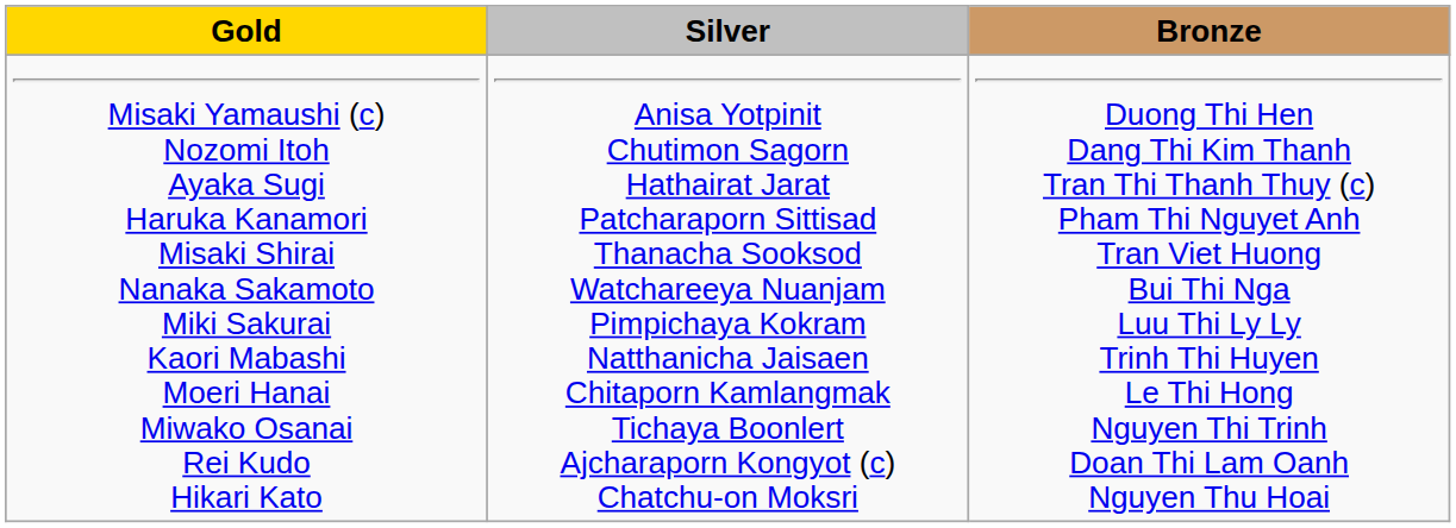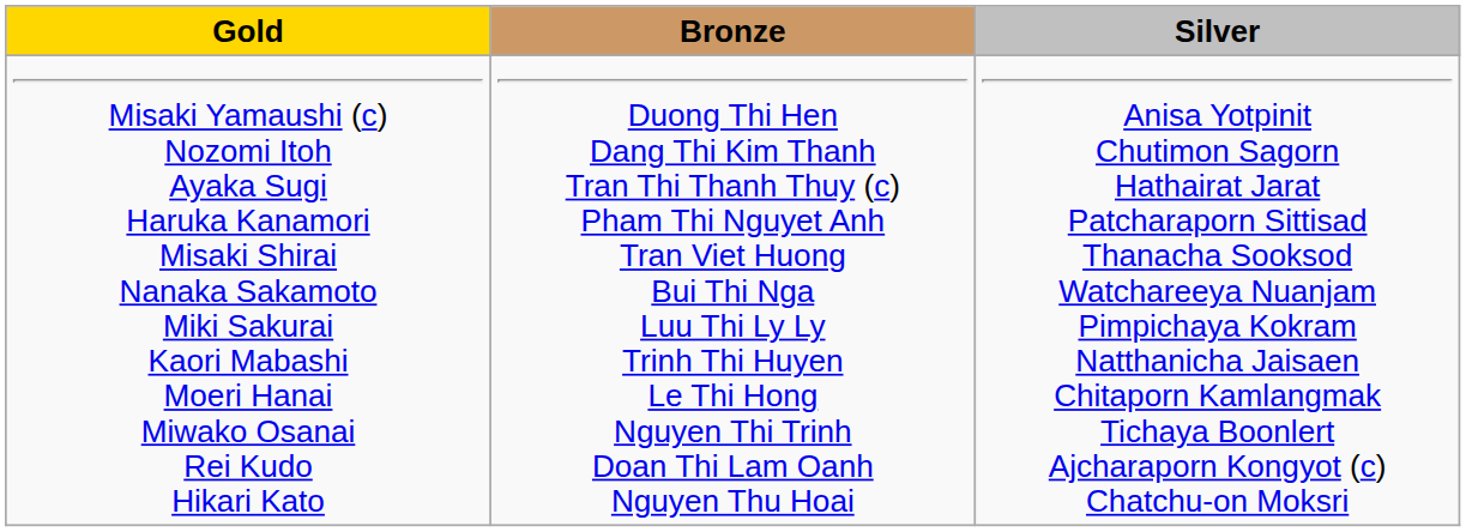 <table class="wikitable" style="text-align:center;font-size:95%;">
 <tr>
 <td style="width:15em;background:gold"><strong>Gold</strong></td>
+<td style="width:15em;background:#CC9966"><strong>Bronze</strong></td>
 <td style="width:15em;background:silver"><strong>Silver</strong></td>
-<td style="width:15em;background:#CC9966"><strong>Bronze</strong></td>
 </tr>
 <tr>
 <td><hr><a href='#'>Misaki Yamaushi</a> (<a href='#'>c</a>)<br><a href='#'>Nozomi Itoh</a><br><a href='#'>Ayaka Sugi</a><br><a href='#'>Haruka Kanamori</a><br><a href='#'>Misaki Shirai</a><br><a href='#'>Nanaka Sakamoto</a><br><a href='#'>Miki Sakurai</a><br><a href='#'>Kaori Mabashi</a><br><a href='#'>Moeri Hanai</a><br><a href='#'>Miwako Osanai</a><br><a href='#'>Rei Kudo</a><br><a href='#'>Hikari Kato</a></td>
+<td><hr><a href='#'>Duong Thi Hen</a><br><a href='#'>Dang Thi Kim Thanh</a><br><a href='#'>Tran Thi Thanh Thuy</a> (<a href='#'>c</a>)<br><a href='#'>Pham Thi Nguyet Anh</a><br><a href='#'>Tran Viet Huong</a><br><a href='#'>Bui Thi Nga</a><br><a href='#'>Luu Thi Ly Ly</a><br><a href='#'>Trinh Thi Huyen</a><br><a href='#'>Le Thi Hong</a><br><a href='#'>Nguyen Thi Trinh</a><br><a href='#'>Doan Thi Lam Oanh</a><br><a href='#'>Nguyen Thu Hoai</a></td>
 <td><hr><a href='#'>Anisa Yotpinit</a><br><a href='#'>Chutimon Sagorn</a><br><a href='#'>Hathairat Jarat</a><br><a href='#'>Patcharaporn Sittisad</a><br><a href='#'>Thanacha Sooksod</a><br><a href='#'>Watchareeya Nuanjam</a><br><a href='#'>Pimpichaya Kokram</a><br><a href='#'>Natthanicha Jaisaen</a><br><a href='#'>Chitaporn Kamlangmak</a><br><a href='#'>Tichaya Boonlert</a><br><a href='#'>Ajcharaporn Kongyot</a> (<a href='#'>c</a>)<br><a href='#'>Chatchu-on Moksri</a></td>
-<td><hr><a href='#'>Duong Thi Hen</a><br><a href='#'>Dang Thi Kim Thanh</a><br><a href='#'>Tran Thi Thanh Thuy</a> (<a href='#'>c</a>)<br><a href='#'>Pham Thi Nguyet Anh</a><br><a href='#'>Tran Viet Huong</a><br><a href='#'>Bui Thi Nga</a><br><a href='#'>Luu Thi Ly Ly</a><br><a href='#'>Trinh Thi Huyen</a><br><a href='#'>Le Thi Hong</a><br><a href='#'>Nguyen Thi Trinh</a><br><a href='#'>Doan Thi Lam Oanh</a><br><a href='#'>Nguyen Thu Hoai</a></td>
 </tr>
 </table>
